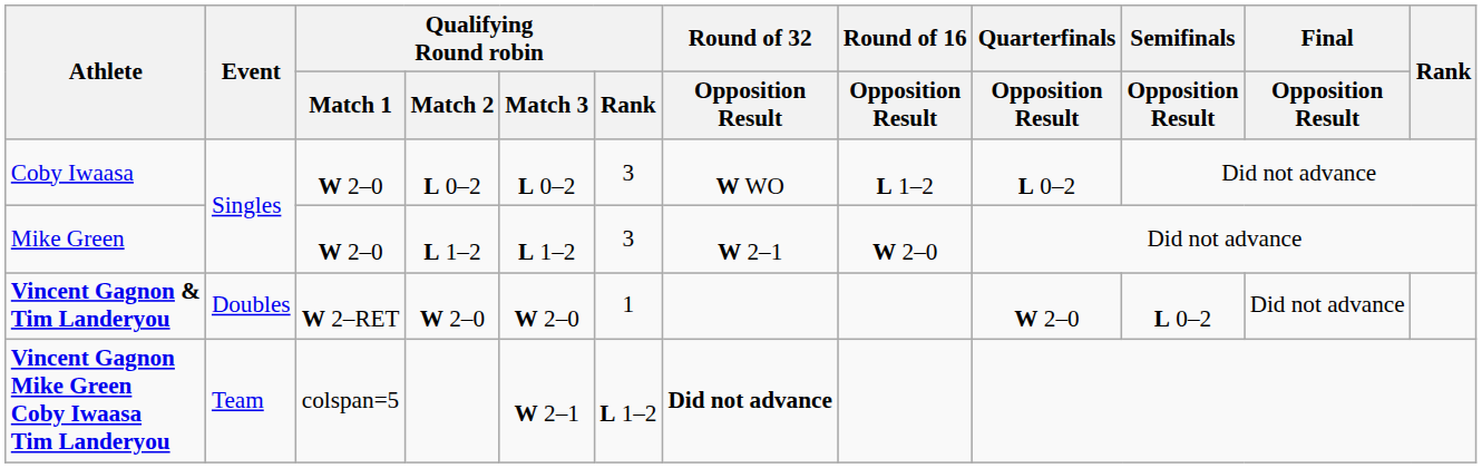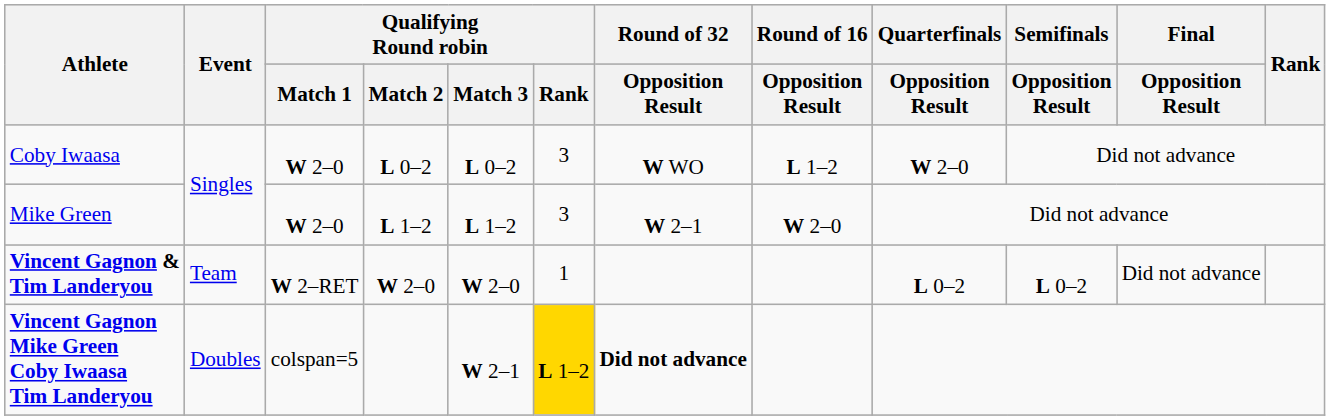 <table class="wikitable" style="font-size:85%">
 <tr>
 <th rowspan=2>Athlete</th>
 <th rowspan=2>Event</th>
 <th colspan=4>Qualifying<br>Round robin</th>
 <th>Round of 32</th>
 <th>Round of 16</th>
 <th>Quarterfinals</th>
 <th>Semifinals</th>
 <th>Final</th>
 <th rowspan=2>Rank</th>
 </tr>
 <tr>
 <th>Match 1</th>
 <th>Match 2</th>
 <th>Match 3</th>
 <th>Rank</th>
 <th>Opposition<br>Result</th>
 <th>Opposition<br>Result</th>
 <th>Opposition<br>Result</th>
 <th>Opposition<br>Result</th>
 <th>Opposition<br>Result</th>
 </tr>
 <tr align=center>
 <td align=left><a href='#'>Coby Iwaasa</a></td>
 <td align=left rowspan=2><a href='#'>Singles</a></td>
 <td><br><strong>W</strong> 2–0</td>
 <td><br><strong>L</strong> 0–2</td>
 <td><br><strong>L</strong> 0–2</td>
 <td>3</td>
 <td><br><strong>W</strong> WO</td>
 <td><br><strong>L</strong> 1–2</td>
-<td><br><strong>L</strong> 0–2</td>
+<td><br><strong>W</strong> 2–0</td>
 <td colspan=3>Did not advance</td>
 </tr>
 <tr align=center>
 <td align=left><a href='#'>Mike Green</a></td>
 <td><br><strong>W</strong> 2–0</td>
 <td><br><strong>L</strong> 1–2</td>
 <td><br><strong>L</strong> 1–2</td>
 <td>3</td>
 <td><br><strong>W</strong> 2–1</td>
 <td><br><strong>W</strong> 2–0</td>
 <td colspan=4>Did not advance</td>
 </tr>
 <tr align=center>
 <td align=left><strong><a href='#'>Vincent Gagnon</a> &<br><a href='#'>Tim Landeryou</a></strong></td>
-<td align=left><a href='#'>Doubles</a></td>
+<td align=left><a href='#'>Team</a></td>
 <td><br><strong>W</strong> 2–RET</td>
 <td><br><strong>W</strong> 2–0</td>
 <td><br><strong>W</strong> 2–0</td>
 <td>1</td>
 <td></td>
 <td></td>
-<td><br><strong>W</strong> 2–0</td>
+<td><br><strong>L</strong> 0–2</td>
 <td><br><strong>L</strong> 0–2</td>
 <td>Did not advance</td>
 <td></td>
 </tr>
 <tr align=center>
 <td align=left><strong><a href='#'>Vincent Gagnon</a><br><a href='#'>Mike Green</a><br><a href='#'>Coby Iwaasa</a><br><a href='#'>Tim Landeryou</a></strong></td>
-<td align=left><a href='#'>Team</a></td>
+<td align=left><a href='#'>Doubles</a></td>
 <td>colspan=5 </td>
 <td></td>
 <td><br><strong>W</strong> 2–1</td>
-<td><br><strong>L</strong> 1–2</td>
+<td style="background: gold;"><br><strong>L</strong> 1–2</td>
 <td><strong>Did not advance</strong></td>
 <td></td>
 </tr>
 </table>
